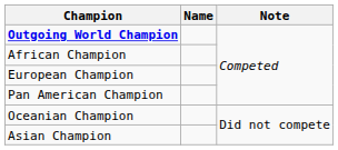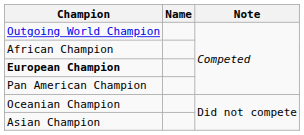 <table class="wikitable">
 <tr>
 <th>Champion</th>
 <th>Name</th>
 <th>Note</th>
 </tr>
 <tr>
-<td><strong><a href='#'>Outgoing World Champion</a></strong></td>
+<td><a href='#'>Outgoing World Champion</a></td>
 <td></td>
 <td rowspan=4><em>Competed</em></td>
 </tr>
 <tr>
 <td>African Champion</td>
 <td></td>
 </tr>
 <tr>
-<td>European Champion</td>
+<td><strong>European Champion</strong></td>
 <td></td>
 </tr>
 <tr>
 <td>Pan American Champion</td>
 <td></td>
 </tr>
 <tr>
 <td>Oceanian Champion</td>
 <td></td>
 <td rowspan=2>Did not compete</td>
 </tr>
 <tr>
 <td>Asian Champion</td>
 <td></td>
 </tr>
 </table>
